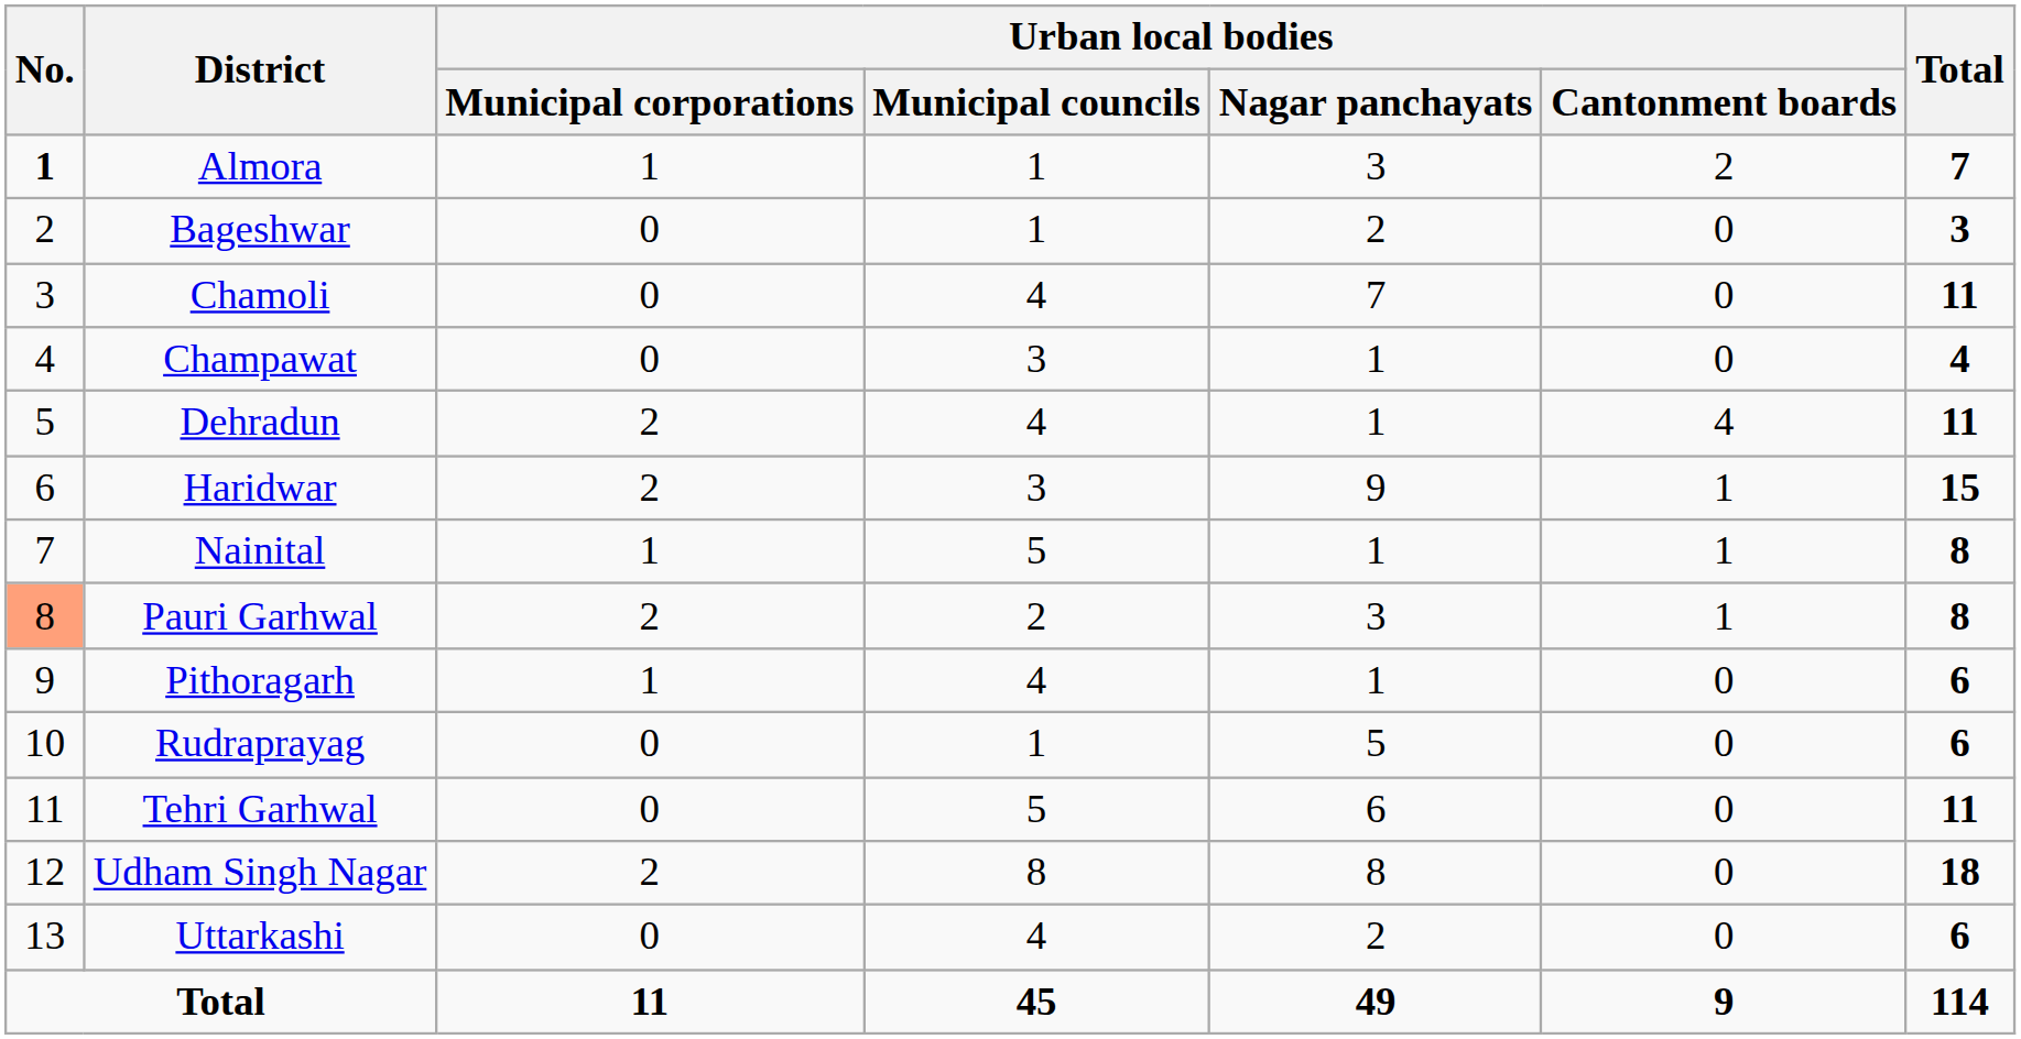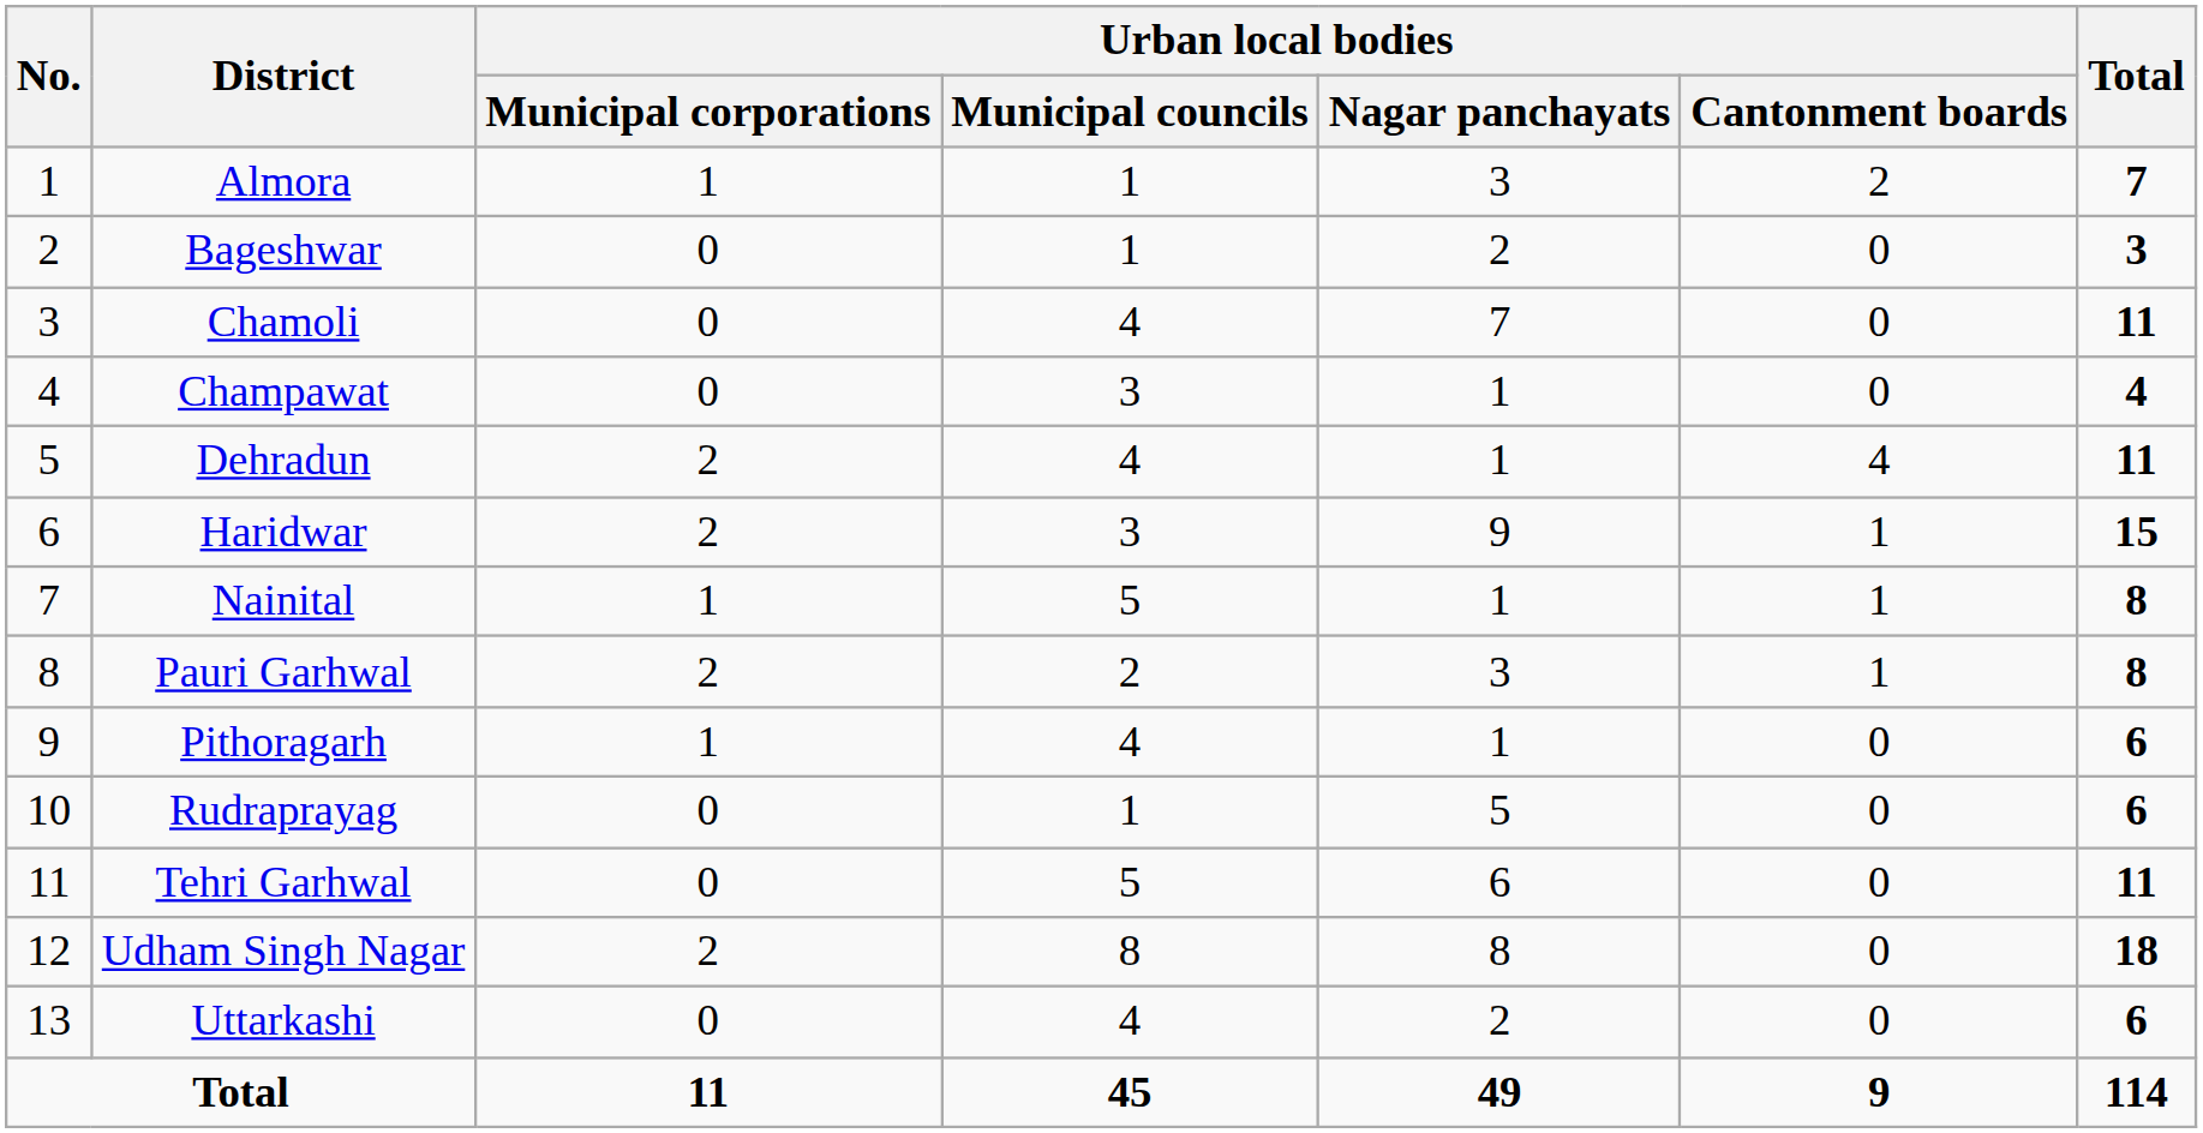 <table class="wikitable sortable" style="text-align:center">
 <tr>
 <th scope="col" rowspan="2">No.</th>
 <th scope="col" rowspan="2">District</th>
 <th scope="colgroup" colspan="4">Urban local bodies</th>
 <th scope="col" rowspan="2">Total</th>
 </tr>
 <tr>
 <th scope="col">Municipal corporations</th>
 <th scope="col">Municipal councils</th>
 <th scope="col">Nagar panchayats</th>
 <th scope="col">Cantonment boards</th>
 </tr>
 <tr style="vertical-align: top">
-<td><strong>1</strong></td>
+<td>1</td>
 <td><a href='#'>Almora</a></td>
 <td>1</td>
 <td>1</td>
 <td>3</td>
 <td>2</td>
 <td><strong>7</strong></td>
 </tr>
 <tr style="vertical-align: top">
 <td>2</td>
 <td><a href='#'>Bageshwar</a></td>
 <td>0</td>
 <td>1</td>
 <td>2</td>
 <td>0</td>
 <td><strong>3</strong></td>
 </tr>
 <tr style="vertical-align: top">
 <td>3</td>
 <td><a href='#'>Chamoli</a></td>
 <td>0</td>
 <td>4</td>
 <td>7</td>
 <td>0</td>
 <td><strong>11</strong></td>
 </tr>
 <tr style="vertical-align: top">
 <td>4</td>
 <td><a href='#'>Champawat</a></td>
 <td>0</td>
 <td>3</td>
 <td>1</td>
 <td>0</td>
 <td><strong>4</strong></td>
 </tr>
 <tr style="vertical-align: top">
 <td>5</td>
 <td><a href='#'>Dehradun</a></td>
 <td>2</td>
 <td>4</td>
 <td>1</td>
 <td>4</td>
 <td><strong>11</strong></td>
 </tr>
 <tr style="vertical-align: top">
 <td>6</td>
 <td><a href='#'>Haridwar</a></td>
 <td>2</td>
 <td>3</td>
 <td>9</td>
 <td>1</td>
 <td><strong>15</strong></td>
 </tr>
 <tr style="vertical-align: top">
 <td>7</td>
 <td><a href='#'>Nainital</a></td>
 <td>1</td>
 <td>5</td>
 <td>1</td>
 <td>1</td>
 <td><strong>8</strong></td>
 </tr>
 <tr style="vertical-align: top">
-<td style="background: lightsalmon;">8</td>
+<td>8</td>
 <td><a href='#'>Pauri Garhwal</a></td>
 <td>2</td>
 <td>2</td>
 <td>3</td>
 <td>1</td>
 <td><strong>8</strong></td>
 </tr>
 <tr style="vertical-align: top">
 <td>9</td>
 <td><a href='#'>Pithoragarh</a></td>
 <td>1</td>
 <td>4</td>
 <td>1</td>
 <td>0</td>
 <td><strong>6</strong></td>
 </tr>
 <tr style="vertical-align: top">
 <td>10</td>
 <td><a href='#'>Rudraprayag</a></td>
 <td>0</td>
 <td>1</td>
 <td>5</td>
 <td>0</td>
 <td><strong>6</strong></td>
 </tr>
 <tr style="vertical-align: top">
 <td>11</td>
 <td><a href='#'>Tehri Garhwal</a></td>
 <td>0</td>
 <td>5</td>
 <td>6</td>
 <td>0</td>
 <td><strong>11</strong></td>
 </tr>
 <tr style="vertical-align: top">
 <td>12</td>
 <td><a href='#'>Udham Singh Nagar</a></td>
 <td>2</td>
 <td>8</td>
 <td>8</td>
 <td>0</td>
 <td><strong>18</strong></td>
 </tr>
 <tr style="vertical-align: top">
 <td>13</td>
 <td><a href='#'>Uttarkashi</a></td>
 <td>0</td>
 <td>4</td>
 <td>2</td>
 <td>0</td>
 <td><strong>6</strong></td>
 </tr>
 <tr>
 <td colspan="2"><strong>Total</strong></td>
 <td><strong>11</strong></td>
 <td><strong>45</strong></td>
 <td><strong>49</strong></td>
 <td><strong>9</strong></td>
 <td><strong>114</strong></td>
 </tr>
 </table>
